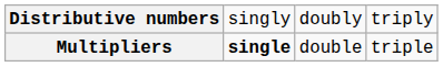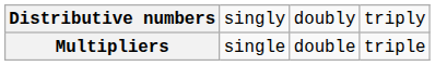 <table class="wikitable floatright">
 <tr>
 <th>Distributive numbers</th>
 <td>singly</td>
 <td>doubly</td>
 <td>triply</td>
 </tr>
 <tr>
 <th>Multipliers</th>
-<td><strong>single</strong></td>
+<td>single</td>
 <td>double</td>
 <td>triple</td>
 </tr>
 </table>
